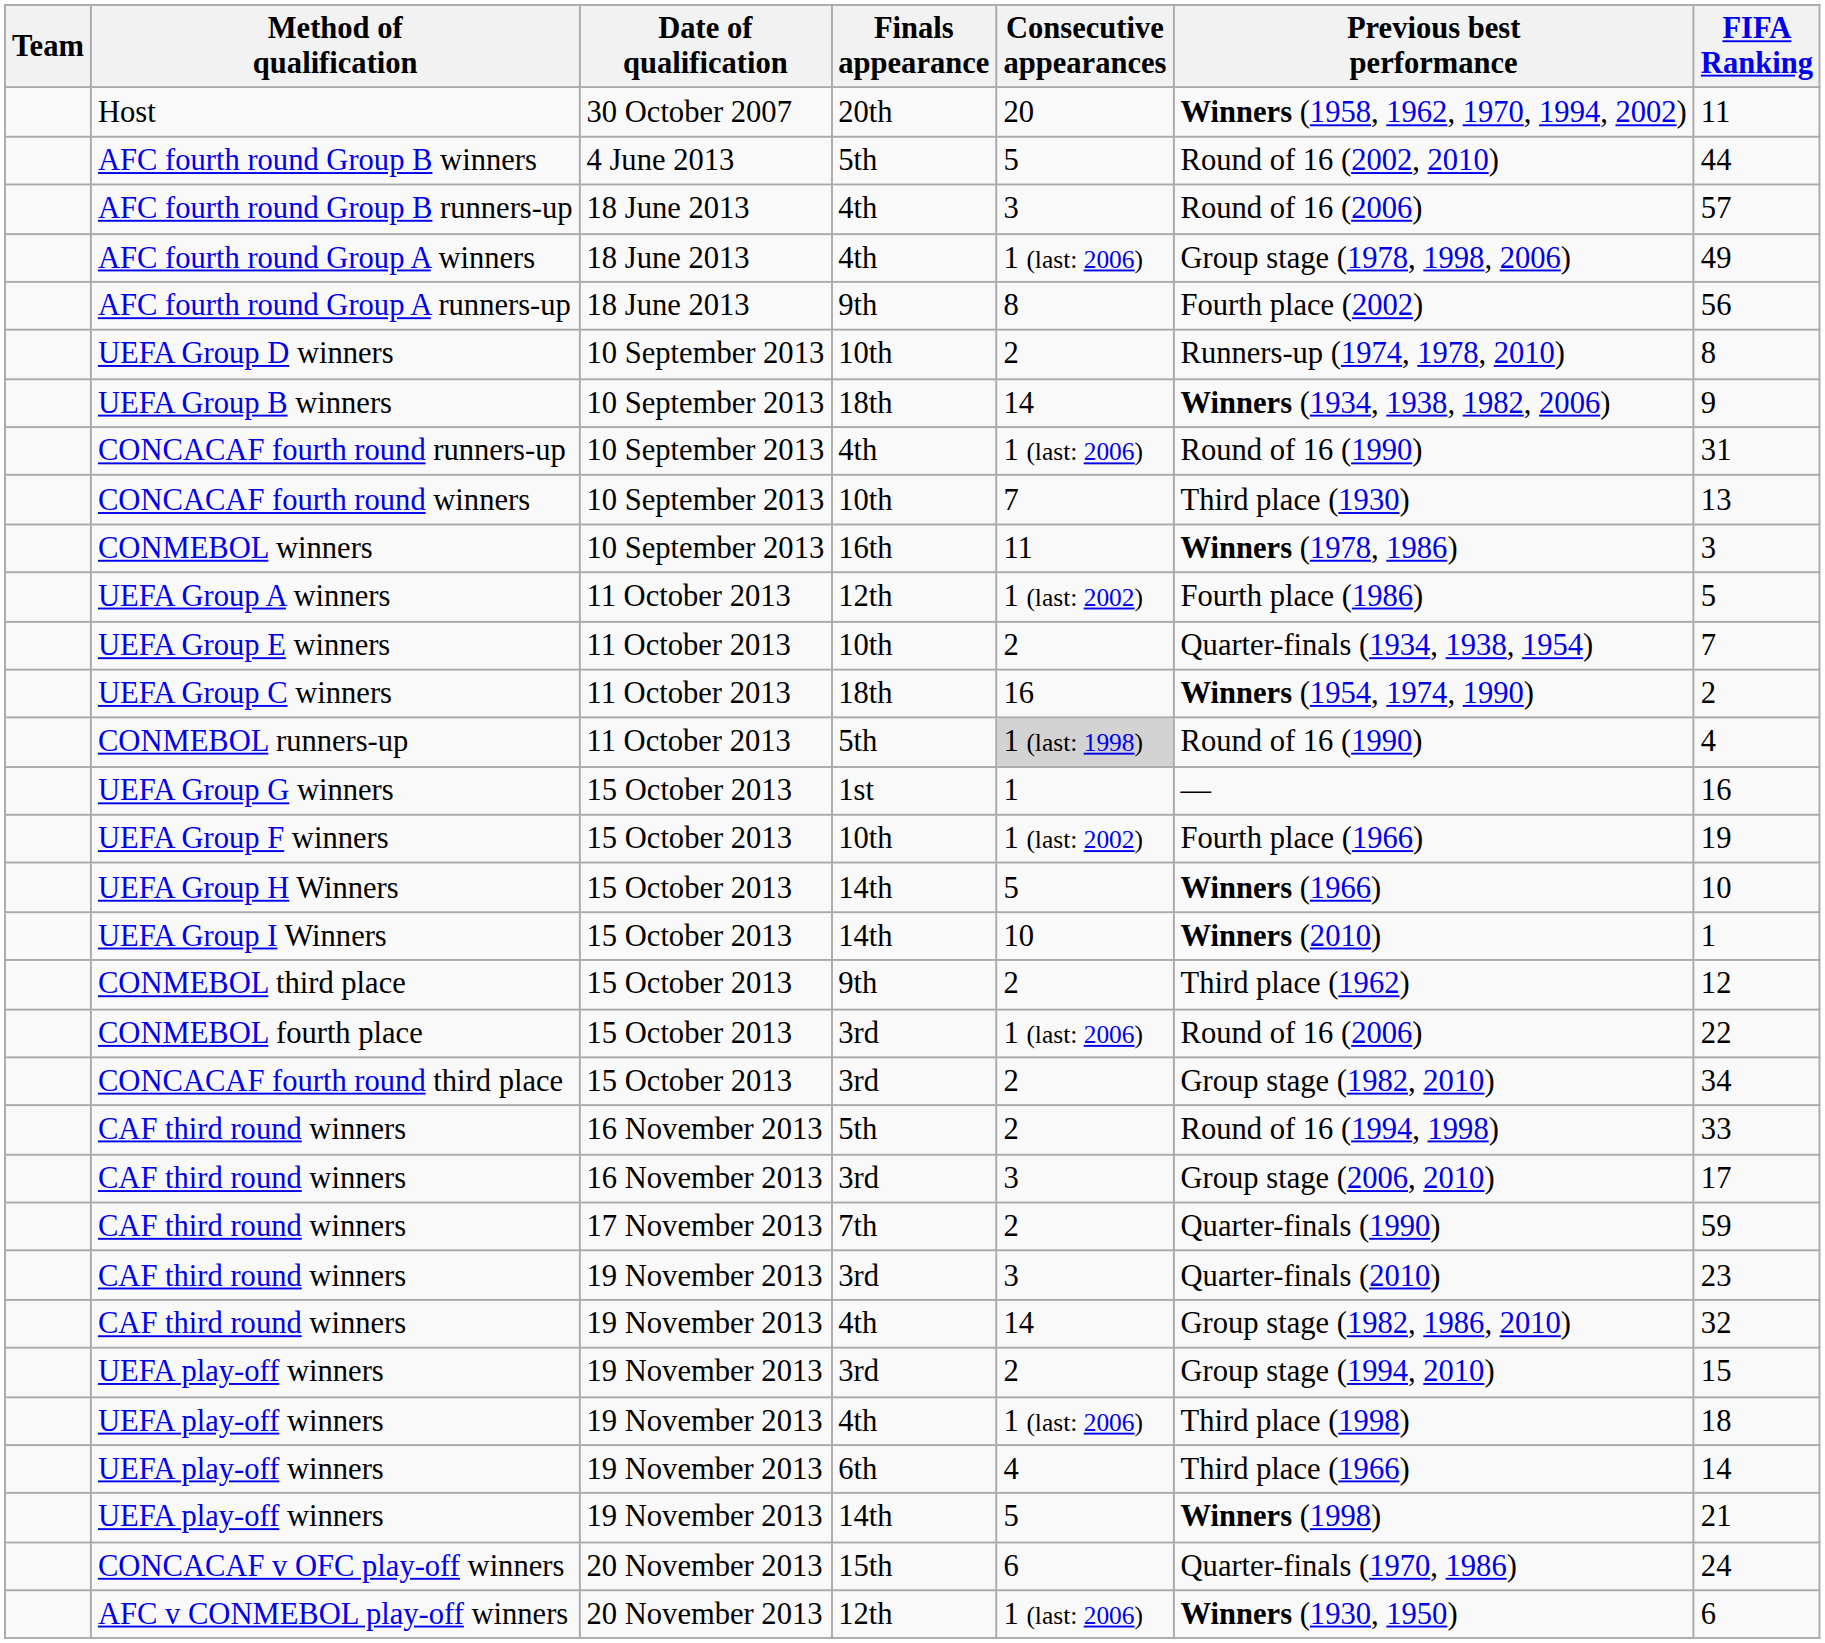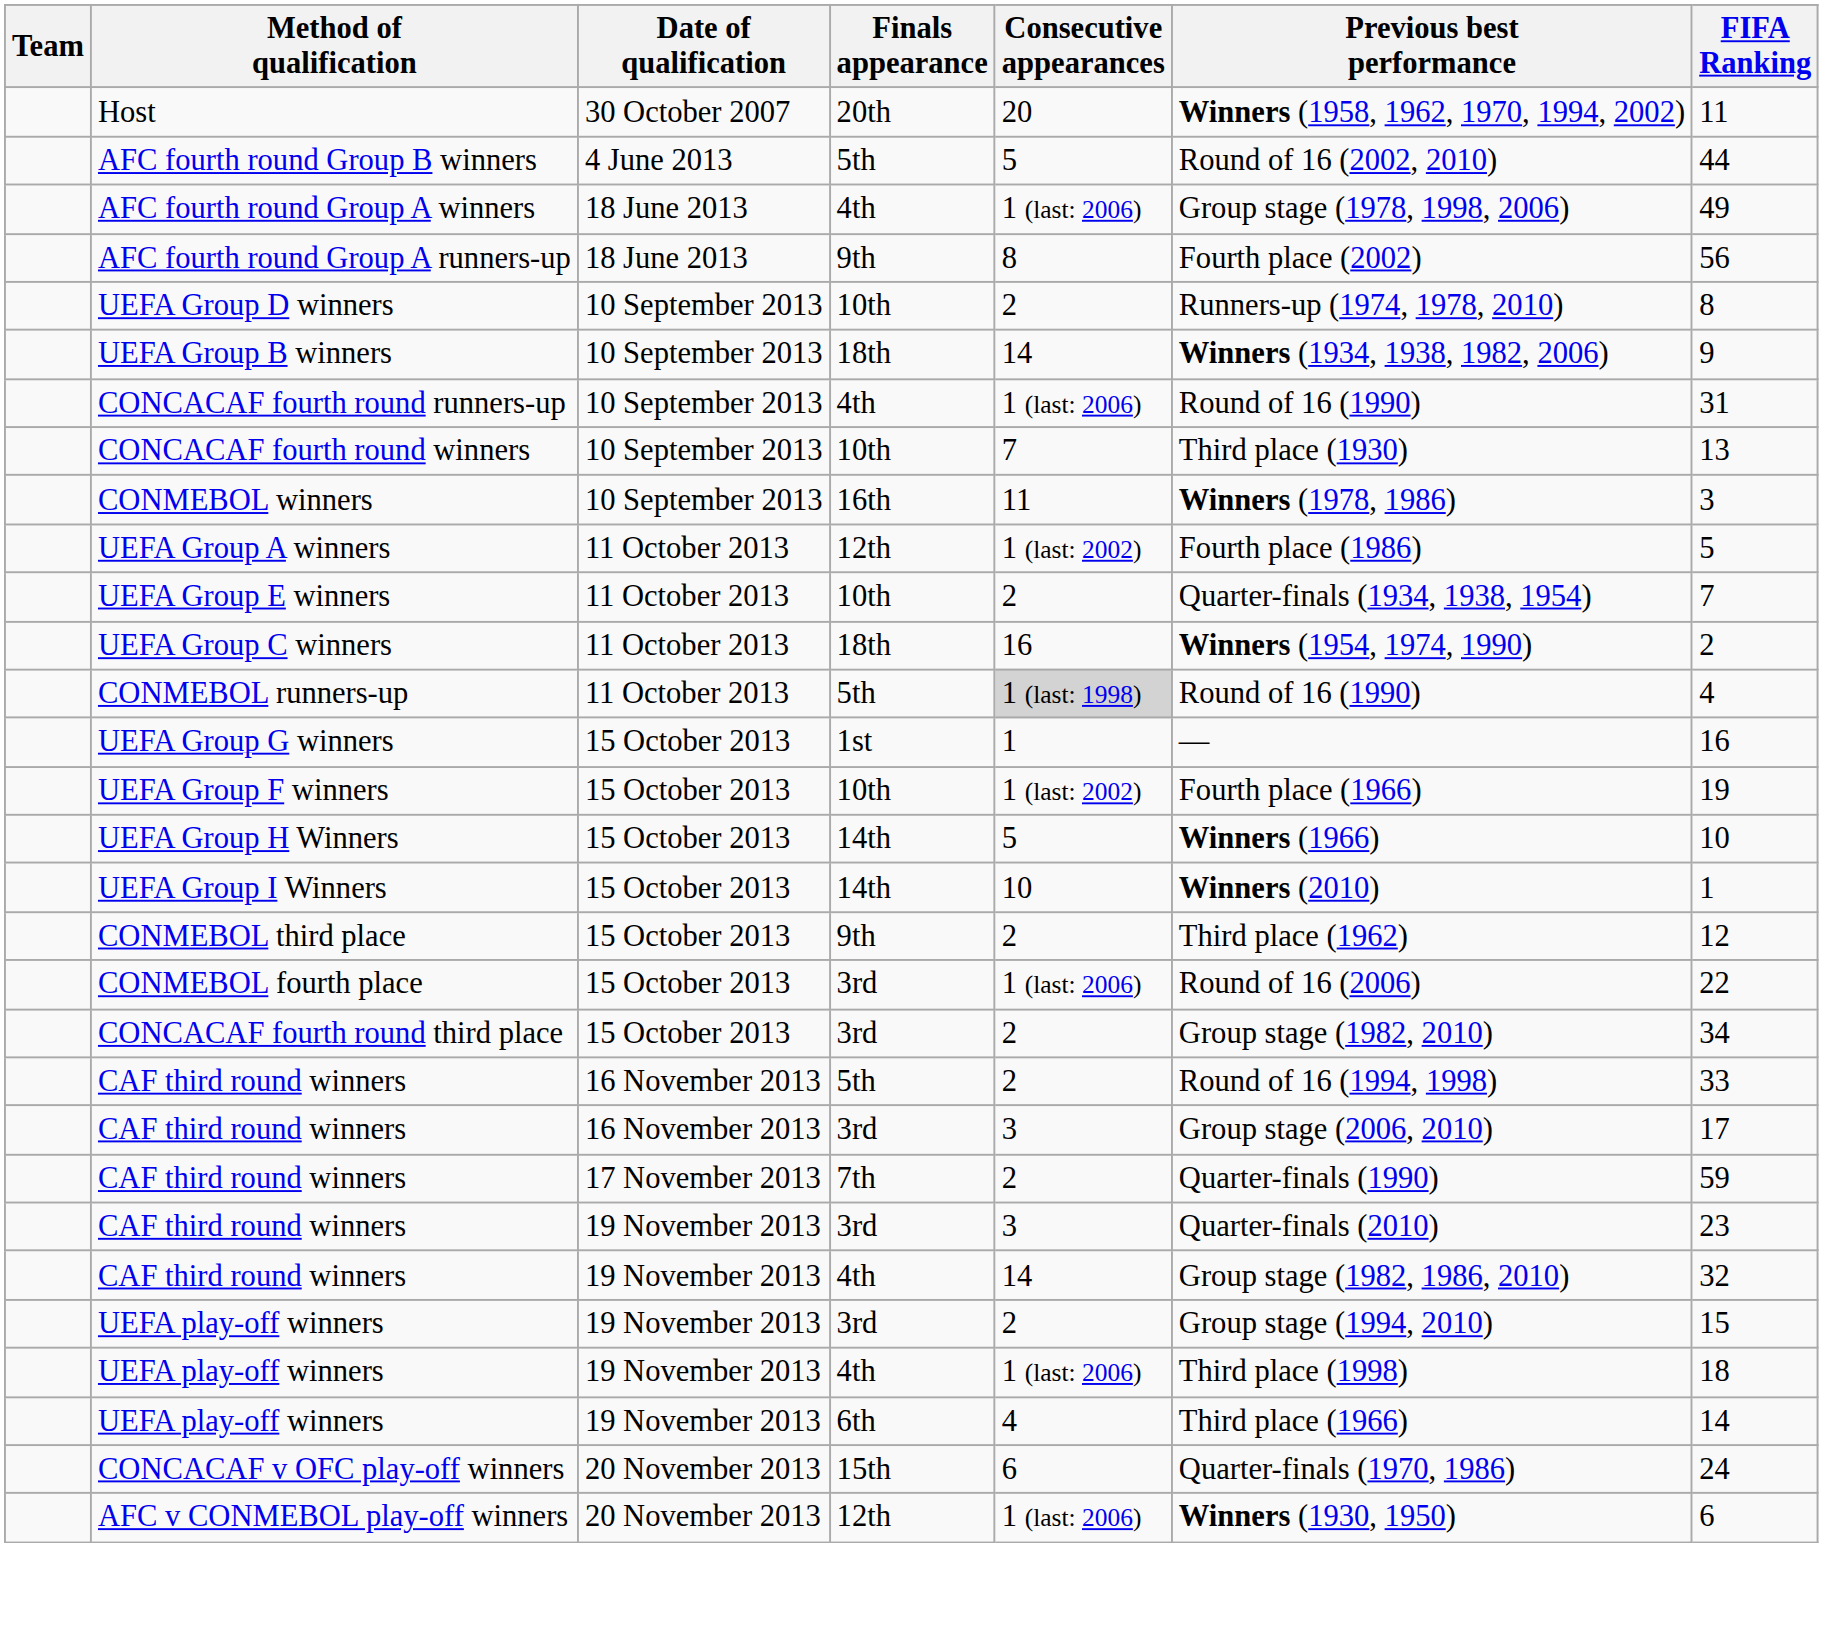 <table class="wikitable sortable" style="text-align: left;">
 <tr>
 <th>Team</th>
 <th>Method of<br>qualification</th>
 <th>Date of<br>qualification</th>
 <th>Finals<br>appearance</th>
 <th data-sort-type="number">Consecutive<br>appearances</th>
 <th>Previous best<br>performance</th>
 <th><a href='#'>FIFA<br>Ranking</a><br></th>
 </tr>
 <tr>
 <td align="left"></td>
 <td> Host</td>
 <td>30 October 2007</td>
 <td data-sort-value="20">20th</td>
 <td>20</td>
 <td data-sort-value="7.5"><strong>Winners</strong> (<a href='#'>1958</a>, <a href='#'>1962</a>, <a href='#'>1970</a>, <a href='#'>1994</a>, <a href='#'>2002</a>)</td>
 <td>11</td>
 </tr>
 <tr>
 <td align="left"></td>
 <td><a href='#'>AFC fourth round Group B</a>  winners</td>
 <td>4 June 2013</td>
 <td data-sort-value="5">5th</td>
 <td>5</td>
 <td data-sort-value="2.2">Round of 16 (<a href='#'>2002</a>, <a href='#'>2010</a>)</td>
 <td>44</td>
-</tr>
-<tr>
-<td align="left"></td>
-<td><a href='#'>AFC fourth round Group B</a>  runners-up</td>
-<td>18 June 2013</td>
-<td data-sort-value="4">4th</td>
-<td>3</td>
-<td data-sort-value="2.1">Round of 16 (<a href='#'>2006</a>)</td>
-<td>57</td>
 </tr>
 <tr>
 <td align="left"></td>
 <td><a href='#'>AFC fourth round Group A</a>  winners</td>
 <td>18 June 2013</td>
 <td data-sort-value="4">4th</td>
 <td>1 <small>(last: <a href='#'>2006</a>)</small></td>
 <td data-sort-value="1.3">Group stage (<a href='#'>1978</a>, <a href='#'>1998</a>, <a href='#'>2006</a>)</td>
 <td>49</td>
 </tr>
 <tr>
 <td align="left"></td>
 <td><a href='#'>AFC fourth round Group A</a>  runners-up</td>
 <td>18 June 2013</td>
 <td data-sort-value="9">9th</td>
 <td>8</td>
 <td data-sort-value="4.1">Fourth place (<a href='#'>2002</a>)</td>
 <td>56</td>
 </tr>
 <tr>
 <td align="left"></td>
 <td><a href='#'>UEFA Group D</a> winners</td>
 <td>10 September 2013</td>
 <td data-sort-value="10">10th</td>
 <td>2</td>
 <td data-sort-value="6.3">Runners-up (<a href='#'>1974</a>, <a href='#'>1978</a>, <a href='#'>2010</a>)</td>
 <td>8</td>
 </tr>
 <tr>
 <td align="left"></td>
 <td><a href='#'>UEFA Group B</a> winners</td>
 <td>10 September 2013</td>
 <td data-sort-value="18">18th</td>
 <td>14</td>
 <td data-sort-value="7.4"><strong>Winners</strong> (<a href='#'>1934</a>, <a href='#'>1938</a>, <a href='#'>1982</a>, <a href='#'>2006</a>)</td>
 <td>9</td>
 </tr>
 <tr>
 <td align="left"></td>
 <td><a href='#'>CONCACAF fourth round</a>  runners-up</td>
 <td>10 September 2013</td>
 <td data-sort-value="4">4th</td>
 <td>1 <small>(last: <a href='#'>2006</a>)</small></td>
 <td data-sort-value="2.1">Round of 16 (<a href='#'>1990</a>)</td>
 <td>31</td>
 </tr>
 <tr>
 <td align="left"></td>
 <td><a href='#'>CONCACAF fourth round</a>  winners</td>
 <td>10 September 2013</td>
 <td data-sort-value="10">10th</td>
 <td>7</td>
 <td data-sort-value="5.1">Third place (<a href='#'>1930</a>)</td>
 <td>13</td>
 </tr>
 <tr>
 <td align="left"></td>
 <td><a href='#'>CONMEBOL</a>  winners</td>
 <td>10 September 2013</td>
 <td data-sort-value="16">16th</td>
 <td>11</td>
 <td data-sort-value="7.2"><strong>Winners</strong> (<a href='#'>1978</a>, <a href='#'>1986</a>)</td>
 <td>3</td>
 </tr>
 <tr>
 <td align="left"></td>
 <td><a href='#'>UEFA Group A</a> winners</td>
 <td>11 October 2013</td>
 <td data-sort-value="12">12th</td>
 <td>1 <small>(last: <a href='#'>2002</a>)</small></td>
 <td data-sort-value="4.1">Fourth place (<a href='#'>1986</a>)</td>
 <td>5</td>
 </tr>
 <tr>
 <td align="left"></td>
 <td><a href='#'>UEFA Group E</a> winners</td>
 <td>11 October 2013</td>
 <td data-sort-value="10">10th</td>
 <td>2</td>
 <td data-sort-value="3.3">Quarter-finals (<a href='#'>1934</a>, <a href='#'>1938</a>, <a href='#'>1954</a>)</td>
 <td>7</td>
 </tr>
 <tr>
 <td align="left"></td>
 <td><a href='#'>UEFA Group C</a> winners</td>
 <td>11 October 2013</td>
 <td data-sort-value="18">18th</td>
 <td>16</td>
 <td data-sort-value="7.3"><strong>Winners</strong> (<a href='#'>1954</a>, <a href='#'>1974</a>, <a href='#'>1990</a>)</td>
 <td>2</td>
 </tr>
 <tr>
 <td align="left"></td>
 <td><a href='#'>CONMEBOL</a>  runners-up</td>
 <td>11 October 2013</td>
 <td data-sort-value="5">5th</td>
 <td style="background: lightgrey;">1 <small>(last: <a href='#'>1998</a>)</small></td>
 <td data-sort-value="2.1">Round of 16 (<a href='#'>1990</a>)</td>
 <td>4</td>
 </tr>
 <tr>
 <td align="left"></td>
 <td><a href='#'>UEFA Group G</a> winners</td>
 <td>15 October 2013</td>
 <td data-sort-value="1">1st</td>
 <td>1</td>
 <td data-sort-value="0.0">—</td>
 <td>16</td>
 </tr>
 <tr>
 <td align="left"></td>
 <td><a href='#'>UEFA Group F</a> winners</td>
 <td>15 October 2013</td>
 <td data-sort-value="10">10th</td>
 <td>1 <small>(last: <a href='#'>2002</a>)</small></td>
 <td data-sort-value="4.1">Fourth place (<a href='#'>1966</a>)</td>
 <td>19</td>
 </tr>
 <tr>
 <td align="left"></td>
 <td><a href='#'>UEFA Group H</a> Winners</td>
 <td>15 October 2013</td>
 <td data-sort-value="14">14th</td>
 <td>5</td>
 <td data-sort-value="7.1"><strong>Winners</strong> (<a href='#'>1966</a>)</td>
 <td>10</td>
 </tr>
 <tr>
 <td align="left"></td>
 <td><a href='#'>UEFA Group I</a> Winners</td>
 <td>15 October 2013</td>
 <td data-sort-value="14">14th</td>
 <td>10</td>
 <td data-sort-value="7.1"><strong>Winners</strong> (<a href='#'>2010</a>)</td>
 <td>1</td>
 </tr>
 <tr>
 <td align="left"></td>
 <td><a href='#'>CONMEBOL</a> third place</td>
 <td>15 October 2013</td>
 <td data-sort-value="9">9th</td>
 <td>2</td>
 <td data-sort-value="5.1">Third place (<a href='#'>1962</a>)</td>
 <td>12</td>
 </tr>
 <tr>
 <td align="left"></td>
 <td><a href='#'>CONMEBOL</a> fourth place</td>
 <td>15 October 2013</td>
 <td data-sort-value="3">3rd</td>
 <td>1 <small>(last: <a href='#'>2006</a>)</small></td>
 <td data-sort-value="2.1">Round of 16 (<a href='#'>2006</a>)</td>
 <td>22</td>
 </tr>
 <tr>
 <td align="left"></td>
 <td><a href='#'>CONCACAF fourth round</a> third place</td>
 <td>15 October 2013</td>
 <td data-sort-value="3">3rd</td>
 <td>2</td>
 <td data-sort-value="1.2">Group stage (<a href='#'>1982</a>, <a href='#'>2010</a>)</td>
 <td>34</td>
 </tr>
 <tr>
 <td align="left"></td>
 <td><a href='#'>CAF third round</a> winners</td>
 <td>16 November 2013</td>
 <td data-sort-value="5">5th</td>
 <td>2</td>
 <td data-sort-value="2.2">Round of 16 (<a href='#'>1994</a>, <a href='#'>1998</a>)</td>
 <td>33</td>
 </tr>
 <tr>
 <td align="left"></td>
 <td><a href='#'>CAF third round</a> winners</td>
 <td>16 November 2013</td>
 <td data-sort-value="3">3rd</td>
 <td>3</td>
 <td data-sort-value="1.2">Group stage (<a href='#'>2006</a>, <a href='#'>2010</a>)</td>
 <td>17</td>
 </tr>
 <tr>
 <td align="left"></td>
 <td><a href='#'>CAF third round</a> winners</td>
 <td>17 November 2013</td>
 <td data-sort-value="7">7th</td>
 <td>2</td>
 <td data-sort-value="3.1">Quarter-finals (<a href='#'>1990</a>)</td>
 <td>59</td>
 </tr>
 <tr>
 <td align="left"></td>
 <td><a href='#'>CAF third round</a> winners</td>
 <td>19 November 2013</td>
 <td data-sort-value="3">3rd</td>
 <td>3</td>
 <td data-sort-value="3.1">Quarter-finals (<a href='#'>2010</a>)</td>
 <td>23</td>
 </tr>
 <tr>
 <td align="left"></td>
 <td><a href='#'>CAF third round</a> winners</td>
 <td>19 November 2013</td>
 <td data-sort-value="4">4th</td>
 <td>14</td>
 <td data-sort-value="1.3">Group stage (<a href='#'>1982</a>, <a href='#'>1986</a>, <a href='#'>2010</a>)</td>
 <td>32</td>
 </tr>
 <tr>
 <td align="left"></td>
 <td><a href='#'>UEFA play-off</a> winners</td>
 <td>19 November 2013</td>
 <td data-sort-value="3">3rd</td>
 <td>2</td>
 <td data-sort-value="1.2">Group stage (<a href='#'>1994</a>, <a href='#'>2010</a>)</td>
 <td>15</td>
 </tr>
 <tr>
 <td align="left"></td>
 <td><a href='#'>UEFA play-off</a> winners</td>
 <td>19 November 2013</td>
 <td data-sort-value="4">4th</td>
 <td>1 <small>(last: <a href='#'>2006</a>)</small></td>
 <td data-sort-value="5.1">Third place (<a href='#'>1998</a>)</td>
 <td>18</td>
 </tr>
 <tr>
 <td align="left"></td>
 <td><a href='#'>UEFA play-off</a> winners</td>
 <td>19 November 2013</td>
 <td data-sort-value="6">6th</td>
 <td>4</td>
 <td data-sort-value="5.1">Third place (<a href='#'>1966</a>)</td>
 <td>14</td>
 </tr>
 <tr>
 <td align="left"></td>
-<td><a href='#'>UEFA play-off</a> winners</td>
-<td>19 November 2013</td>
-<td data-sort-value="14">14th</td>
-<td>5</td>
-<td data-sort-value="7.1"><strong>Winners</strong> (<a href='#'>1998</a>)</td>
-<td>21</td>
-</tr>
-<tr>
-<td align="left"></td>
 <td><a href='#'>CONCACAF v OFC play-off</a> winners</td>
 <td>20 November 2013</td>
 <td data-sort-value="15">15th</td>
 <td>6</td>
 <td data-sort-value="3.3">Quarter-finals (<a href='#'>1970</a>, <a href='#'>1986</a>)</td>
 <td>24</td>
 </tr>
 <tr>
 <td align="left"></td>
 <td><a href='#'>AFC v CONMEBOL play-off</a> winners</td>
 <td>20 November 2013</td>
 <td data-sort-value="12">12th</td>
 <td>1 <small>(last: <a href='#'>2006</a>)</small></td>
 <td data-sort-value="7.2"><strong>Winners</strong> (<a href='#'>1930</a>, <a href='#'>1950</a>)</td>
 <td>6</td>
 </tr>
 </table>
